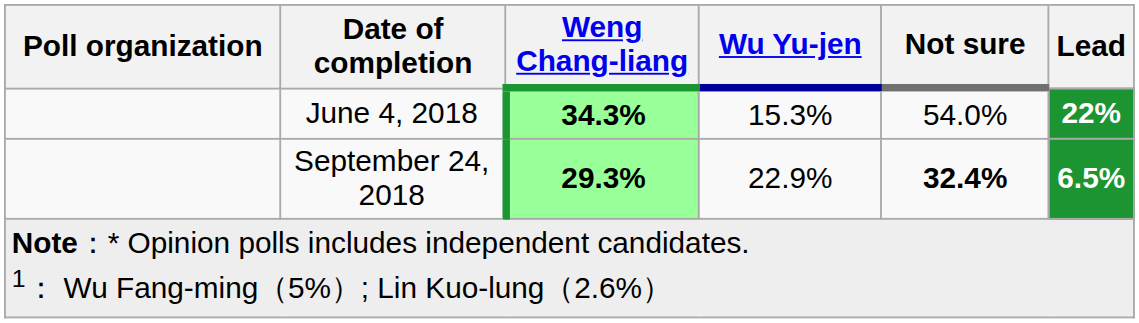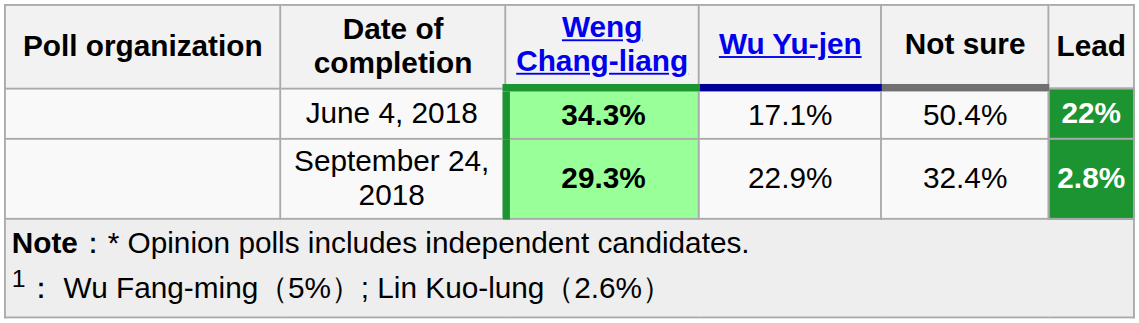 <table class="wikitable collapsible sortable" style="text-align:center">
 <tr>
 <th style="width:200px;">Poll organization</th>
 <th style="width:150px;">Date of completion</th>
 <th style="width:150px; border-bottom:4px solid #1B9431;"> <a href='#'>Weng Chang-liang</a></th>
 <th style="width:150px; border-bottom:4px solid #000099;"> <a href='#'>Wu Yu-jen</a></th>
 <th style="width:130px; border-bottom:4px solid #707070;"> Not sure</th>
 <th style="width:40px;">Lead</th>
 </tr>
 <tr>
 <td></td>
 <td>June 4, 2018</td>
 <td style="background-color:#99FF99; border-left:4px solid #1B9431;"><strong>34.3%</strong></td>
-<td>15.3%</td>
-<td>54.0%</td>
+<td>17.1%</td>
+<td>50.4%</td>
 <td style="background:#1B9431; color:white"><strong>22%</strong></td>
 </tr>
 <tr>
 <td></td>
 <td>September 24, 2018</td>
 <td style="background-color:#99FF99; border-left:4px solid #1B9431;"><strong>29.3%</strong></td>
 <td>22.9%</td>
-<td><strong>32.4%</strong></td>
-<td style="background:#1B9431; color:white"><strong>6.5%</strong></td>
+<td>32.4%</td>
+<td style="background:#1B9431; color:white"><strong>2.8%</strong></td>
 </tr>
 <tr>
 <td colspan="7" style="background-color:#EEEEEE;" align=left><div><strong>Note</strong>：* Opinion polls includes independent candidates.<br><sup>1</sup>： Wu Fang-ming（5%）;  Lin Kuo-lung（2.6%）<br> </div></td>
 </tr>
 </table>
